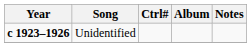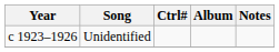 <table class="wikitable">
 <tr>
 <th>Year</th>
 <th>Song</th>
 <th>Ctrl#</th>
 <th>Album</th>
 <th>Notes</th>
 </tr>
 <tr>
-<td rowspan=1><strong>c 1923–1926</strong></td>
+<td rowspan=1>c 1923–1926</td>
 <td>Unidentified</td>
 <td></td>
 <td></td>
 <td></td>
 </tr>
 <tr>
 </tr>
 </table>
